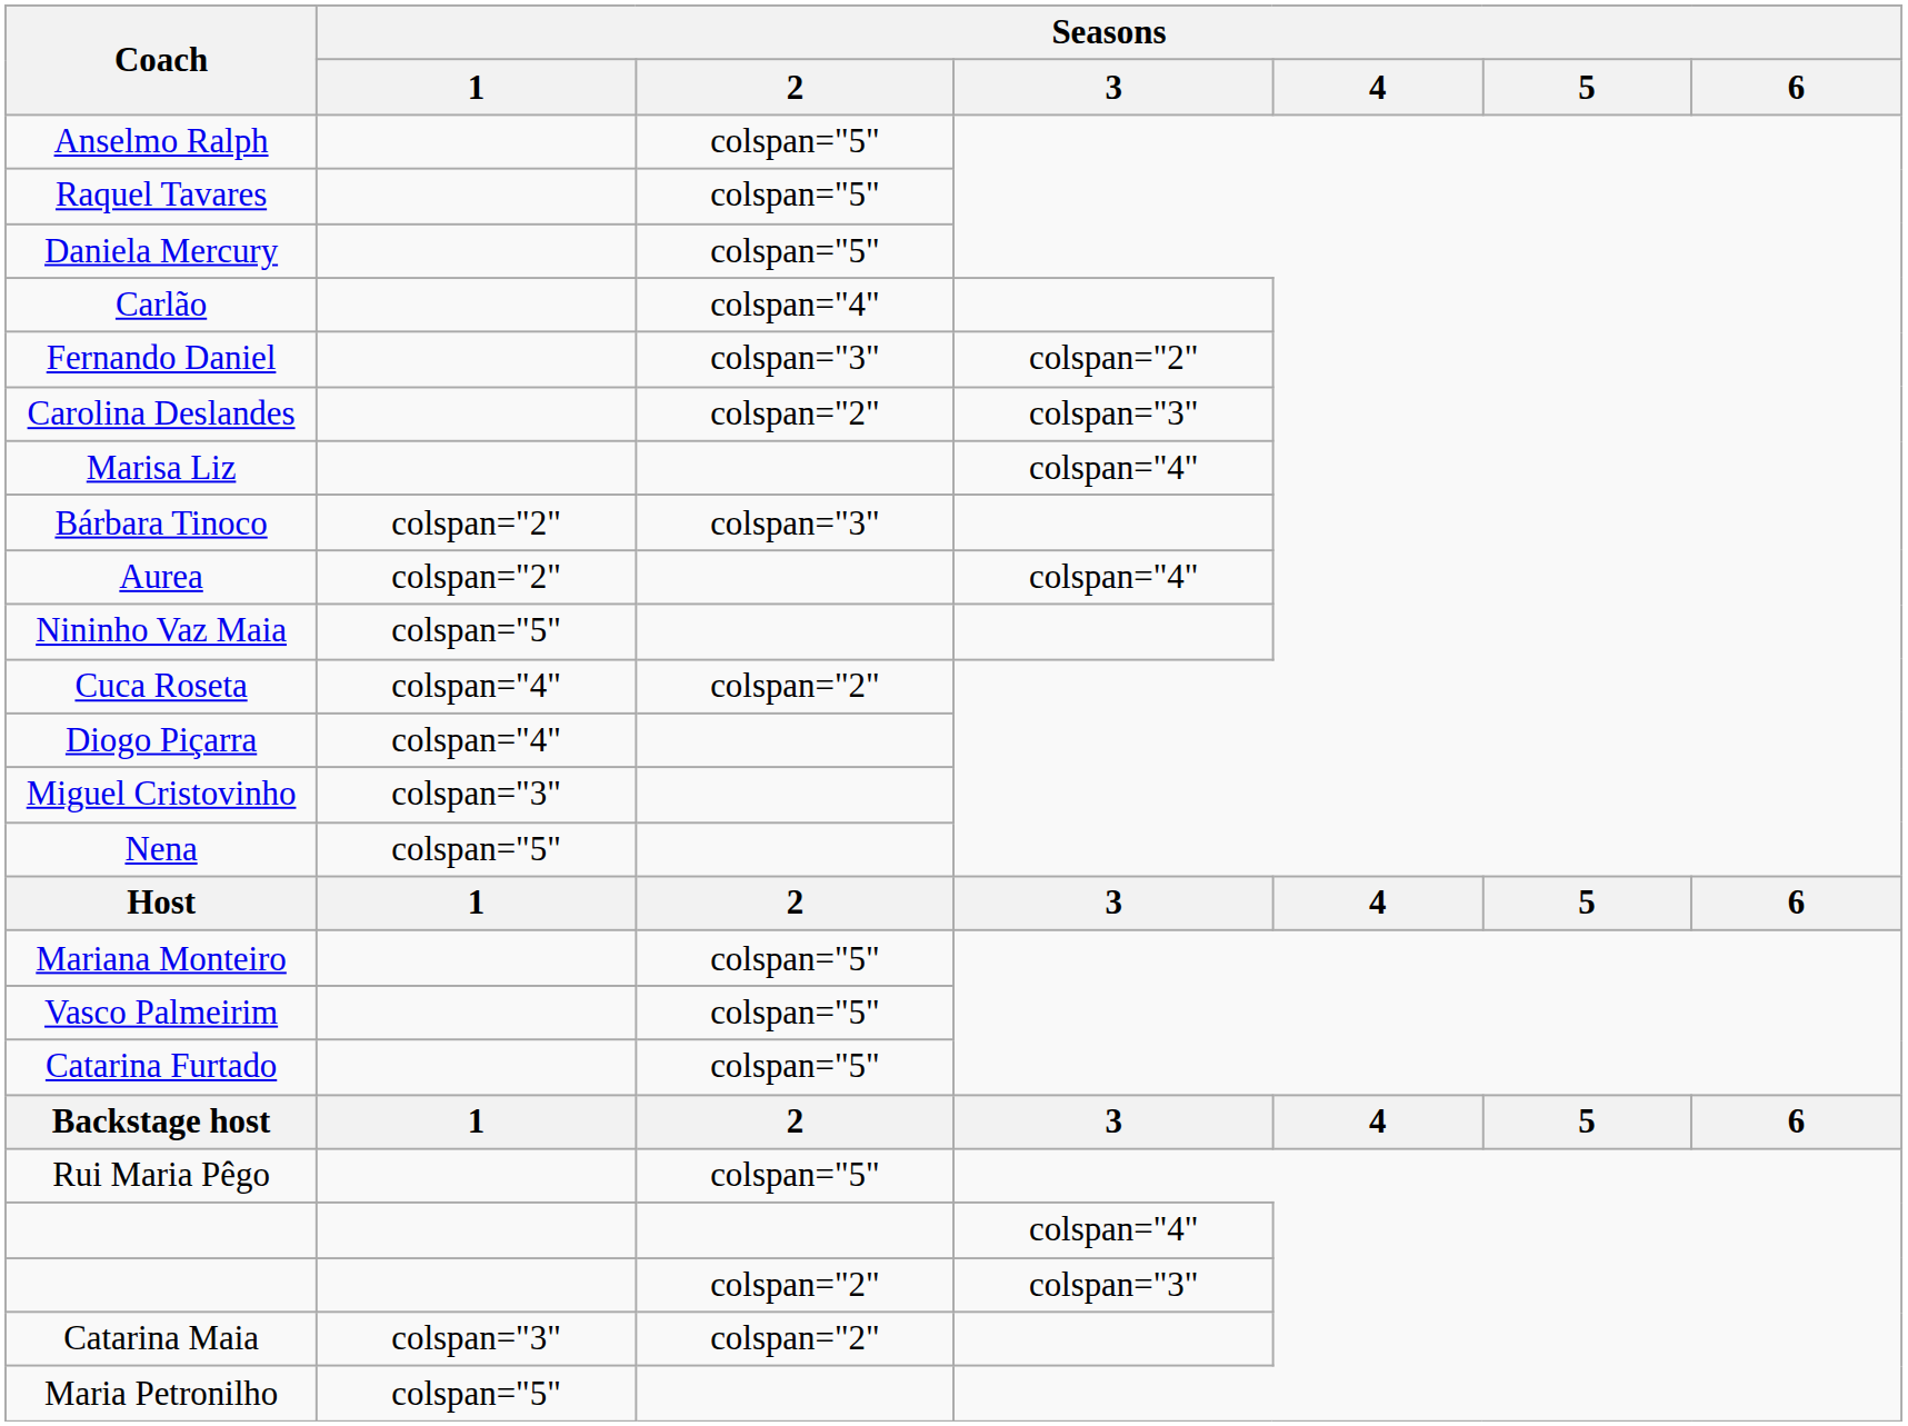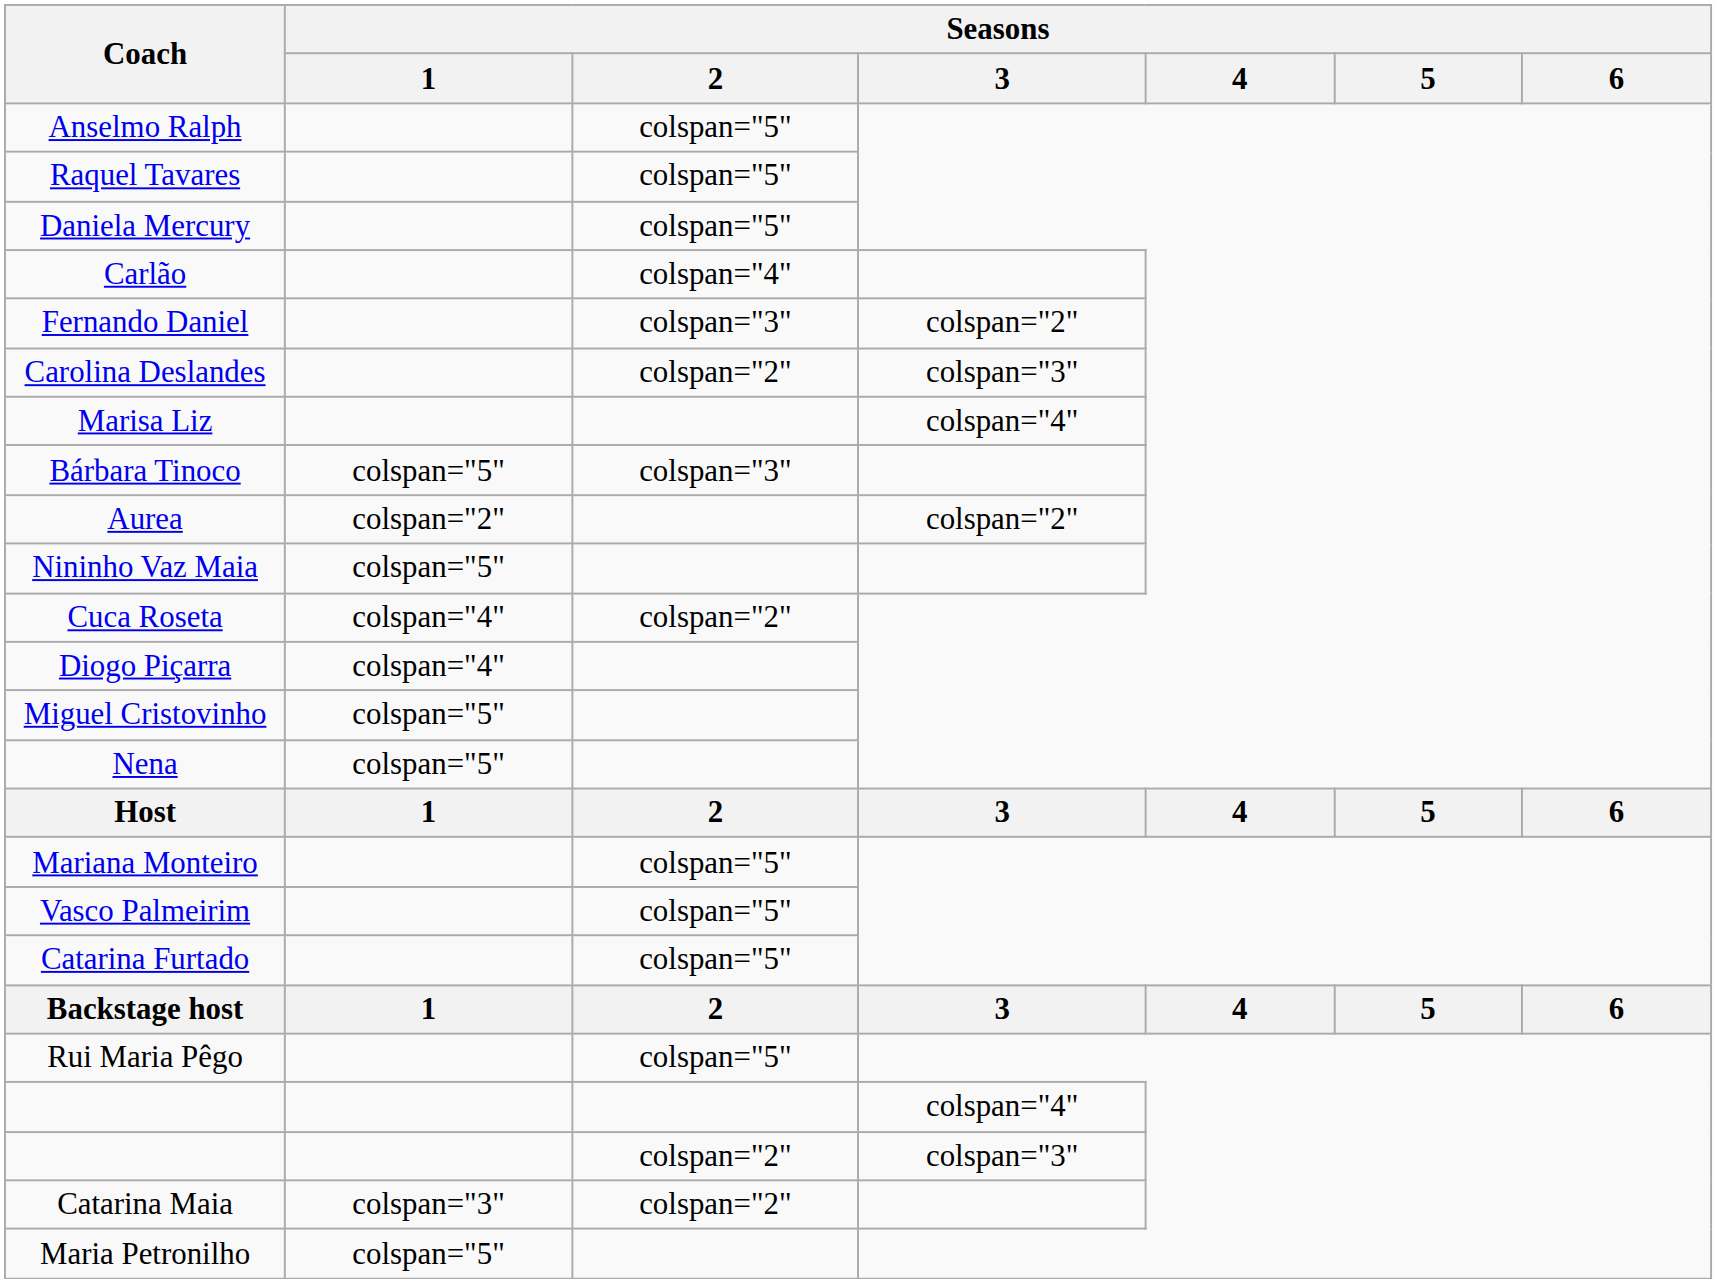 <table class="wikitable nowrap" style="width:70%; text-align:center">
 <tr>
 <th rowspan="2" width="04%">Coach</th>
 <th colspan="7">Seasons</th>
 </tr>
 <tr>
 <th width="04%">1</th>
 <th width="04%">2</th>
 <th width="04%">3</th>
 <th width="04%">4</th>
 <th width="04%">5</th>
 <th width="04%">6</th>
 </tr>
 <tr>
 <td><a href='#'>Anselmo Ralph</a></td>
 <td></td>
 <td>colspan="5" </td>
 </tr>
 <tr>
 <td><a href='#'>Raquel Tavares</a></td>
 <td></td>
 <td>colspan="5" </td>
 </tr>
 <tr>
 <td><a href='#'>Daniela Mercury</a></td>
 <td></td>
 <td>colspan="5" </td>
 </tr>
 <tr>
 <td><a href='#'>Carlão</a></td>
 <td></td>
 <td>colspan="4" </td>
 <td></td>
 </tr>
 <tr>
 <td><a href='#'>Fernando Daniel</a></td>
 <td></td>
 <td>colspan="3" </td>
 <td>colspan="2" </td>
 </tr>
 <tr>
 <td><a href='#'>Carolina Deslandes</a></td>
 <td></td>
 <td>colspan="2" </td>
 <td>colspan="3" </td>
 </tr>
 <tr>
 <td><a href='#'>Marisa Liz</a></td>
 <td></td>
 <td></td>
 <td>colspan="4" </td>
 </tr>
 <tr>
 <td><a href='#'>Bárbara Tinoco</a></td>
-<td>colspan="2" </td>
+<td>colspan="5" </td>
 <td>colspan="3" </td>
 <td></td>
 </tr>
 <tr>
 <td><a href='#'>Aurea</a></td>
 <td>colspan="2" </td>
 <td></td>
-<td>colspan="4" </td>
+<td>colspan="2" </td>
 </tr>
 <tr>
 <td><a href='#'>Nininho Vaz Maia</a></td>
 <td>colspan="5" </td>
 <td></td>
 <td></td>
 </tr>
 <tr>
 <td><a href='#'>Cuca Roseta</a></td>
 <td>colspan="4" </td>
 <td>colspan="2" </td>
 </tr>
 <tr>
 <td><a href='#'>Diogo Piçarra</a></td>
 <td>colspan="4" </td>
 <td></td>
 </tr>
 <tr>
 <td><a href='#'>Miguel Cristovinho</a></td>
-<td>colspan="3" </td>
+<td>colspan="5" </td>
 <td></td>
 </tr>
 <tr>
 <td><a href='#'>Nena</a></td>
 <td>colspan="5" </td>
 <td></td>
 </tr>
 <tr>
 <th>Host</th>
 <th>1</th>
 <th>2</th>
 <th>3</th>
 <th>4</th>
 <th>5</th>
 <th>6</th>
 </tr>
 <tr>
 <td><a href='#'>Mariana Monteiro</a></td>
 <td></td>
 <td>colspan="5" </td>
 </tr>
 <tr>
 <td><a href='#'>Vasco Palmeirim</a></td>
 <td></td>
 <td>colspan="5" </td>
 </tr>
 <tr>
 <td><a href='#'>Catarina Furtado</a></td>
 <td></td>
 <td>colspan="5" </td>
 </tr>
 <tr>
 <th>Backstage host</th>
 <th>1</th>
 <th>2</th>
 <th>3</th>
 <th>4</th>
 <th>5</th>
 <th>6</th>
 </tr>
 <tr>
 <td>Rui Maria Pêgo</td>
 <td></td>
 <td>colspan="5" </td>
 </tr>
 <tr>
 <td></td>
 <td></td>
 <td></td>
 <td>colspan="4" </td>
 </tr>
 <tr>
 <td></td>
 <td></td>
 <td>colspan="2" </td>
 <td>colspan="3" </td>
 </tr>
 <tr>
 <td>Catarina Maia</td>
 <td>colspan="3" </td>
 <td>colspan="2" </td>
 <td></td>
 </tr>
 <tr>
 <td>Maria Petronilho</td>
 <td>colspan="5" </td>
 <td></td>
 </tr>
 </table>
